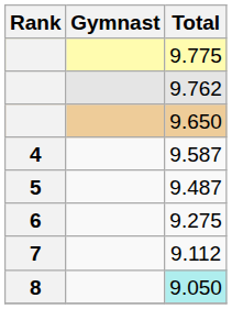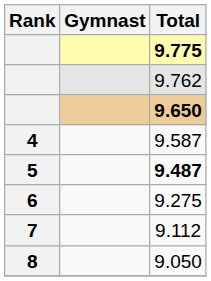 <table class="wikitable sortable" style="text-align:center; font-size:95%">
 <tr>
 <th scope=col>Rank</th>
 <th scope=col>Gymnast</th>
 <th scope=col>Total</th>
 </tr>
 <tr bgcolor=fffcaf>
 <th scope=row style="text-align:center"></th>
 <td align=left></td>
-<td>9.775</td>
+<td><strong>9.775</strong></td>
 </tr>
 <tr bgcolor=e5e5e5>
 <th scope=row style="text-align:center"></th>
 <td align=left></td>
 <td>9.762</td>
 </tr>
 <tr bgcolor=eecc99>
 <th scope=row style="text-align:center"></th>
 <td align=left></td>
-<td>9.650</td>
+<td><strong>9.650</strong></td>
 </tr>
 <tr>
 <th scope=row style="text-align:center">4</th>
 <td align=left></td>
 <td>9.587</td>
 </tr>
 <tr>
 <th scope=row style="text-align:center">5</th>
 <td align=left></td>
-<td>9.487</td>
+<td><strong>9.487</strong></td>
 </tr>
 <tr>
 <th scope=row style="text-align:center">6</th>
 <td align=left></td>
 <td>9.275</td>
 </tr>
 <tr>
 <th scope=row style="text-align:center">7</th>
 <td align=left></td>
 <td>9.112</td>
 </tr>
 <tr>
 <th scope=row style="text-align:center">8</th>
 <td align=left></td>
-<td style="background: paleturquoise;">9.050</td>
+<td>9.050</td>
 </tr>
 <tr>
 </tr>
 </table>
